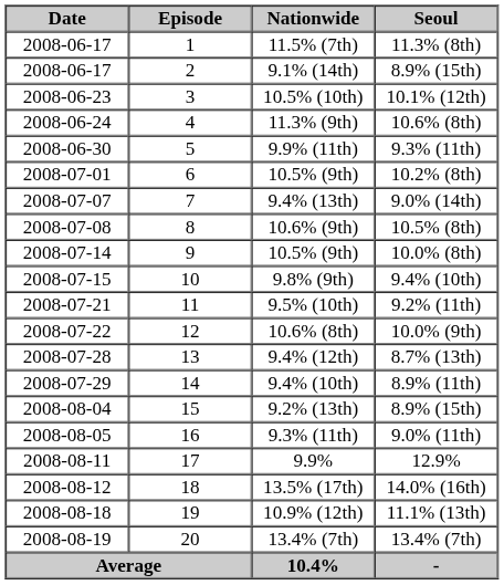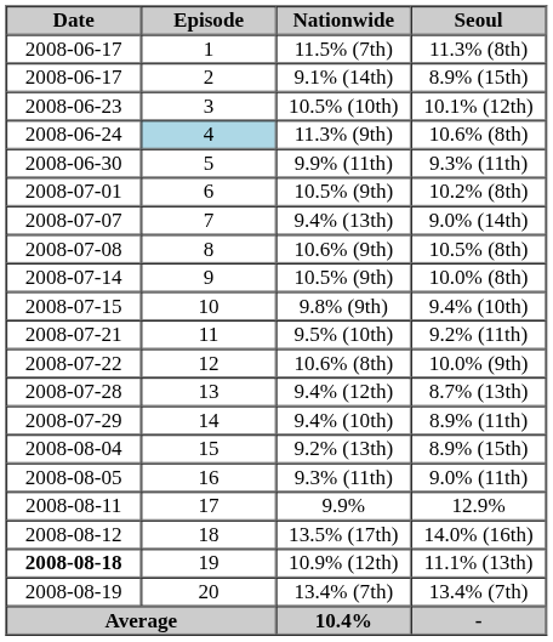 <table border="1" cellpadding="1" cellspacing="0">
 <tr>
 <th width=100 bgcolor="#CCCCCC">Date</th>
 <th width=100 bgcolor="#CCCCCC">Episode</th>
 <th width=100 bgcolor="#CCCCCC">Nationwide</th>
 <th width=100 bgcolor="#CCCCCC">Seoul</th>
 </tr>
 <tr align=center>
 <td>2008-06-17</td>
 <td>1</td>
 <td>11.5% (7th)</td>
 <td>11.3% (8th)</td>
 </tr>
 <tr align=center>
 <td>2008-06-17</td>
 <td>2</td>
 <td>9.1% (14th)</td>
 <td>8.9% (15th)</td>
 </tr>
 <tr align=center>
 <td>2008-06-23</td>
 <td>3</td>
 <td>10.5% (10th)</td>
 <td>10.1% (12th)</td>
 </tr>
 <tr align=center>
 <td>2008-06-24</td>
-<td>4</td>
+<td style="background: lightblue;">4</td>
 <td>11.3% (9th)</td>
 <td>10.6% (8th)</td>
 </tr>
 <tr align=center>
 <td>2008-06-30</td>
 <td>5</td>
 <td>9.9% (11th)</td>
 <td>9.3% (11th)</td>
 </tr>
 <tr align=center>
 <td>2008-07-01</td>
 <td>6</td>
 <td>10.5% (9th)</td>
 <td>10.2% (8th)</td>
 </tr>
 <tr align=center>
 <td>2008-07-07</td>
 <td>7</td>
 <td>9.4% (13th)</td>
 <td>9.0% (14th)</td>
 </tr>
 <tr align=center>
 <td>2008-07-08</td>
 <td>8</td>
 <td>10.6% (9th)</td>
 <td>10.5% (8th)</td>
 </tr>
 <tr align=center>
 <td>2008-07-14</td>
 <td>9</td>
 <td>10.5% (9th)</td>
 <td>10.0% (8th)</td>
 </tr>
 <tr align=center>
 <td>2008-07-15</td>
 <td>10</td>
 <td>9.8% (9th)</td>
 <td>9.4% (10th)</td>
 </tr>
 <tr align=center>
 <td>2008-07-21</td>
 <td>11</td>
 <td>9.5% (10th)</td>
 <td>9.2% (11th)</td>
 </tr>
 <tr align=center>
 <td>2008-07-22</td>
 <td>12</td>
 <td>10.6% (8th)</td>
 <td>10.0% (9th)</td>
 </tr>
 <tr align=center>
 <td>2008-07-28</td>
 <td>13</td>
 <td>9.4% (12th)</td>
 <td>8.7% (13th)</td>
 </tr>
 <tr align=center>
 <td>2008-07-29</td>
 <td>14</td>
 <td>9.4% (10th)</td>
 <td>8.9% (11th)</td>
 </tr>
 <tr align=center>
 <td>2008-08-04</td>
 <td>15</td>
 <td>9.2% (13th)</td>
 <td>8.9% (15th)</td>
 </tr>
 <tr align=center>
 <td>2008-08-05</td>
 <td>16</td>
 <td>9.3% (11th)</td>
 <td>9.0% (11th)</td>
 </tr>
 <tr align=center>
 <td>2008-08-11</td>
 <td>17</td>
 <td>9.9%</td>
 <td>12.9%</td>
 </tr>
 <tr align=center>
 <td>2008-08-12</td>
 <td>18</td>
 <td>13.5% (17th)</td>
 <td>14.0% (16th)</td>
 </tr>
 <tr align=center>
-<td>2008-08-18</td>
+<td><strong>2008-08-18</strong></td>
 <td>19</td>
 <td>10.9% (12th)</td>
 <td>11.1% (13th)</td>
 </tr>
 <tr align=center>
 <td>2008-08-19</td>
 <td>20</td>
 <td>13.4% (7th)</td>
 <td>13.4% (7th)</td>
 </tr>
 <tr align="center" style="background:#CCCCCC;">
 <th colspan=2>Average</th>
 <th>10.4%</th>
 <th>-</th>
 </tr>
 </table>
